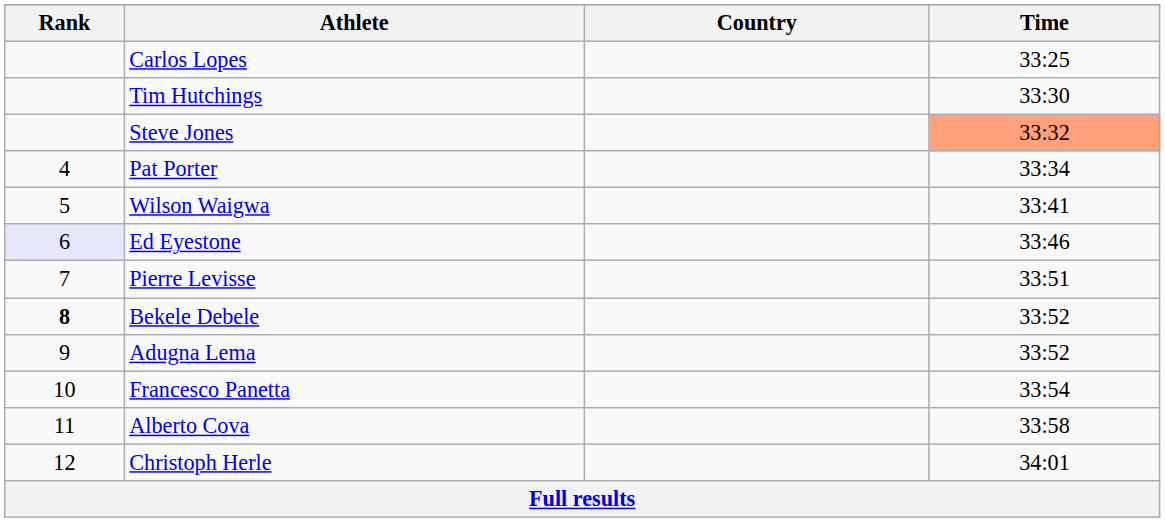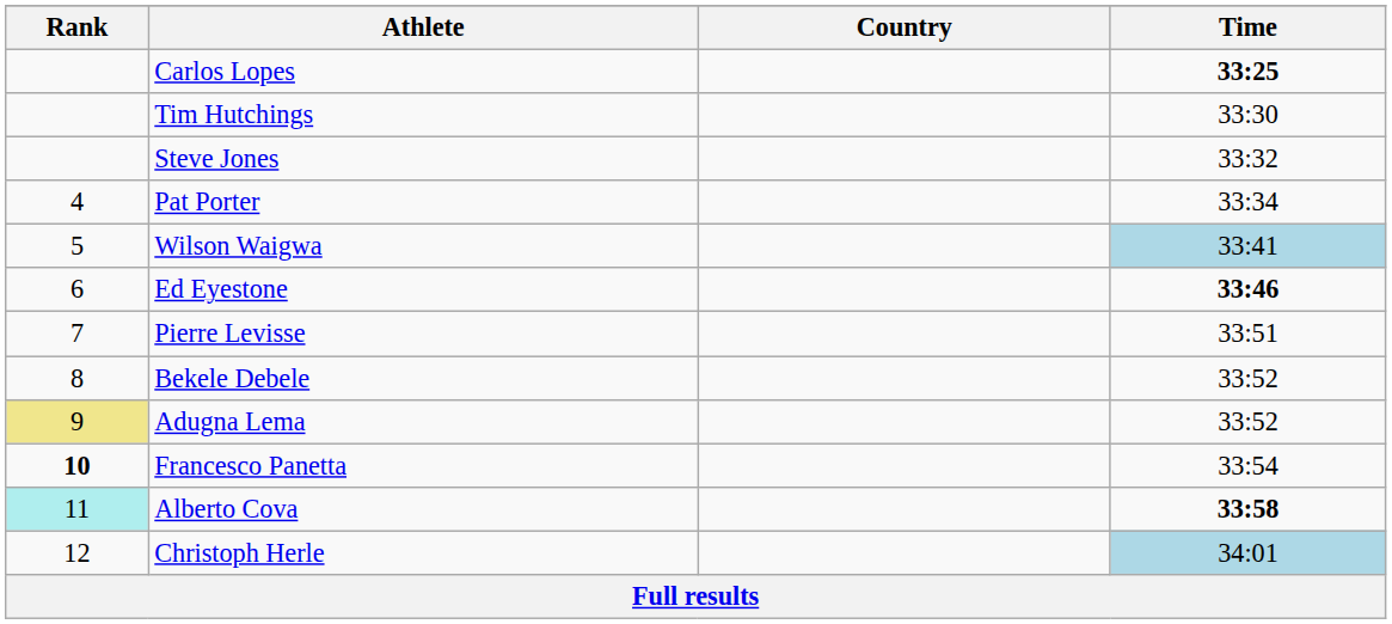 <table class="wikitable sortable" style=" text-align:center; font-size:95%;" width="50%">
 <tr>
 </tr>
 <tr>
 <th width=5%>Rank</th>
 <th width=20%>Athlete</th>
 <th width=15%>Country</th>
 <th width=10%>Time</th>
 </tr>
 <tr>
 <td align=center></td>
 <td align=left><a href='#'>Carlos Lopes</a></td>
 <td align=left></td>
-<td>33:25</td>
+<td><strong>33:25</strong></td>
 </tr>
 <tr>
 <td align=center></td>
 <td align=left><a href='#'>Tim Hutchings</a></td>
 <td align=left></td>
 <td>33:30</td>
 </tr>
 <tr>
 <td align=center></td>
 <td align=left><a href='#'>Steve Jones</a></td>
 <td align=left></td>
-<td style="background: lightsalmon;">33:32</td>
+<td>33:32</td>
 </tr>
 <tr>
 <td align=center>4</td>
 <td align=left><a href='#'>Pat Porter</a></td>
 <td align=left></td>
 <td>33:34</td>
 </tr>
 <tr>
 <td align=center>5</td>
 <td align=left><a href='#'>Wilson Waigwa</a></td>
 <td align=left></td>
-<td>33:41</td>
+<td style="background: lightblue;">33:41</td>
 </tr>
 <tr>
-<td align=center style="background: lavender;">6</td>
+<td align=center>6</td>
 <td align=left><a href='#'>Ed Eyestone</a></td>
 <td align=left></td>
-<td>33:46</td>
+<td><strong>33:46</strong></td>
 </tr>
 <tr>
 <td align=center>7</td>
 <td align=left><a href='#'>Pierre Levisse</a></td>
 <td align=left></td>
 <td>33:51</td>
 </tr>
 <tr>
-<td align=center><strong>8</strong></td>
+<td align=center>8</td>
 <td align=left><a href='#'>Bekele Debele</a></td>
 <td align=left></td>
 <td>33:52</td>
 </tr>
 <tr>
-<td align=center>9</td>
+<td align=center style="background: khaki;">9</td>
 <td align=left><a href='#'>Adugna Lema</a></td>
 <td align=left></td>
 <td>33:52</td>
 </tr>
 <tr>
-<td align=center>10</td>
+<td align=center><strong>10</strong></td>
 <td align=left><a href='#'>Francesco Panetta</a></td>
 <td align=left></td>
 <td>33:54</td>
 </tr>
 <tr>
-<td align=center>11</td>
+<td align=center style="background: paleturquoise;">11</td>
 <td align=left><a href='#'>Alberto Cova</a></td>
 <td align=left></td>
-<td>33:58</td>
+<td><strong>33:58</strong></td>
 </tr>
 <tr>
 <td align=center>12</td>
 <td align=left><a href='#'>Christoph Herle</a></td>
 <td align=left></td>
-<td>34:01</td>
+<td style="background: lightblue;">34:01</td>
 </tr>
 <tr class="sortbottom">
 <th colspan=4 align=center><a href='#'>Full results</a></th>
 </tr>
 </table>
